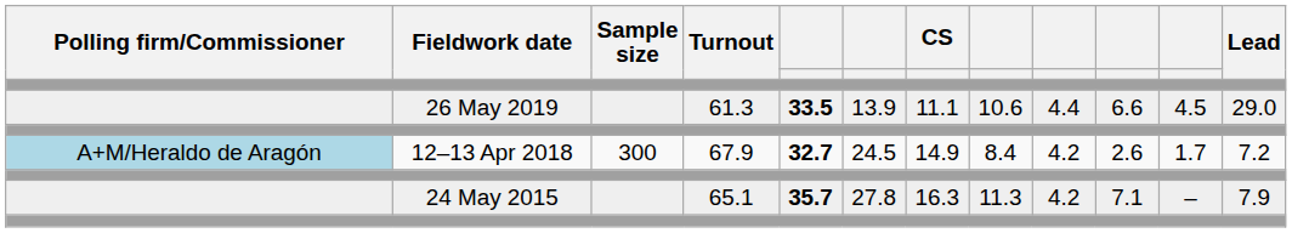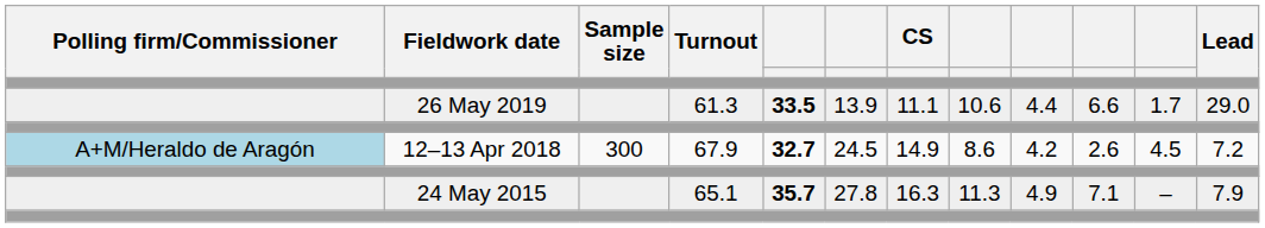 <table class="wikitable collapsible collapsed" style="text-align:center; font-size:95%; line-height:16px;">
 <tr style="height:42px;">
 <th style="width:250px;" rowspan="2">Polling firm/Commissioner</th>
 <th style="width:125px;" rowspan="2">Fieldwork date</th>
 <th style="width:50px;" rowspan="2">Sample size</th>
 <th style="width:45px;" rowspan="2">Turnout</th>
 <th style="width:35px;"></th>
 <th style="width:35px;"></th>
 <th style="width:35px;">CS</th>
 <th style="width:35px;"></th>
 <th style="width:35px;"></th>
 <th style="width:35px;"></th>
 <th style="width:35px;"></th>
 <th style="width:30px;" rowspan="2">Lead</th>
 </tr>
 <tr>
 <th style="color:inherit;background:"></th>
 <th style="color:inherit;background:"></th>
 <th style="color:inherit;background:"></th>
 <th style="color:inherit;background:"></th>
 <th style="color:inherit;background:"></th>
 <th style="color:inherit;background:"></th>
 <th style="color:inherit;background:"></th>
 </tr>
 <tr>
 <td colspan="12" style="background:#A0A0A0"></td>
 </tr>
 <tr style="background:#EFEFEF;">
 <td><strong></strong></td>
 <td>26 May 2019</td>
 <td></td>
 <td>61.3</td>
 <td><strong>33.5</strong><br></td>
 <td>13.9<br></td>
 <td>11.1<br></td>
 <td>10.6<br></td>
 <td>4.4<br></td>
 <td>6.6<br></td>
-<td>4.5<br></td>
+<td>1.7<br></td>
 <td style="background:">29.0</td>
 </tr>
 <tr>
 <td colspan="12" style="background:#A0A0A0"></td>
 </tr>
 <tr>
 <td style="background: lightblue;">A+M/Heraldo de Aragón</td>
 <td>12–13 Apr 2018</td>
 <td>300</td>
 <td>67.9</td>
 <td><strong>32.7</strong><br></td>
 <td>24.5<br></td>
 <td>14.9<br></td>
-<td>8.4<br></td>
+<td>8.6<br></td>
 <td>4.2<br></td>
 <td>2.6<br></td>
-<td>1.7<br></td>
+<td>4.5<br></td>
 <td style="background:">7.2</td>
 </tr>
 <tr>
 <td colspan="12" style="background:#A0A0A0"></td>
 </tr>
 <tr style="background:#EFEFEF;">
 <td><strong></strong></td>
 <td>24 May 2015</td>
 <td></td>
 <td>65.1</td>
 <td><strong>35.7</strong><br></td>
 <td>27.8<br></td>
 <td>16.3<br></td>
 <td>11.3<br></td>
-<td>4.2<br></td>
+<td>4.9<br></td>
 <td>7.1<br></td>
 <td>–</td>
 <td style="background:">7.9</td>
 </tr>
 <tr>
 <td colspan="12" style="background:#A0A0A0"></td>
 </tr>
 </table>
